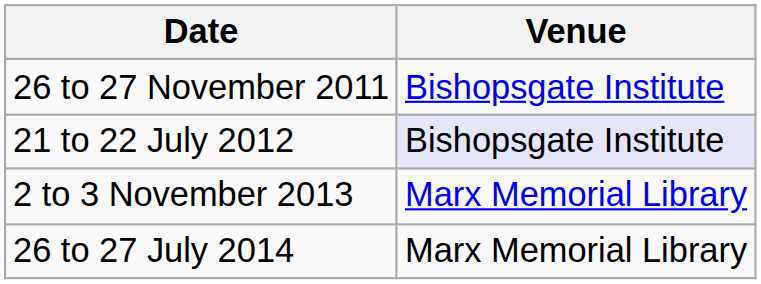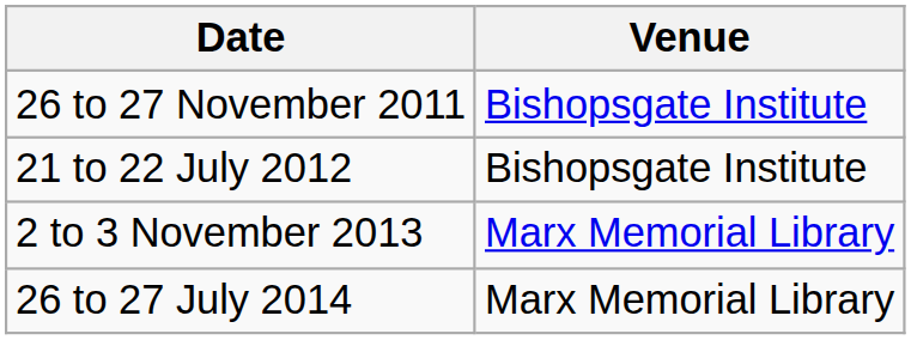 <table class="wikitable">
 <tr>
 <th>Date</th>
 <th>Venue</th>
 </tr>
 <tr>
 <td>26 to 27 November 2011</td>
 <td><a href='#'>Bishopsgate Institute</a></td>
 </tr>
 <tr>
 <td>21 to 22 July 2012</td>
-<td style="background: lavender;">Bishopsgate Institute</td>
+<td>Bishopsgate Institute</td>
 </tr>
 <tr>
 <td>2 to 3 November 2013</td>
 <td><a href='#'>Marx Memorial Library</a></td>
 </tr>
 <tr>
 <td>26 to 27 July 2014</td>
 <td>Marx Memorial Library</td>
 </tr>
 </table>
